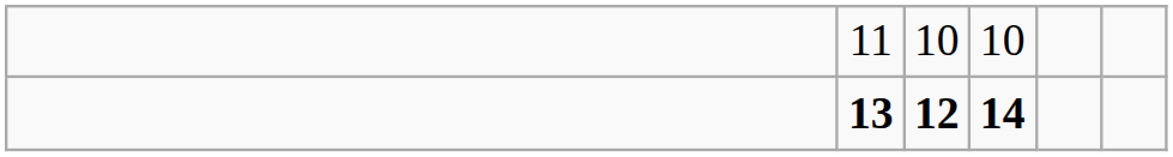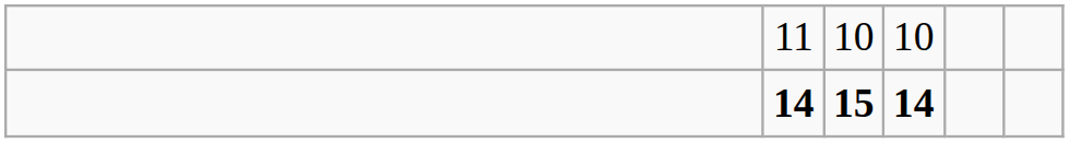 <table class="wikitable">
 <tr>
 <td style="width:18em"></td>
 <td align=center style="width:1em">11</td>
 <td align=center style="width:1em">10</td>
 <td align=center style="width:1em">10</td>
 <td align=center style="width:1em"></td>
 <td align=center style="width:1em"></td>
 </tr>
 <tr>
 <td style="width:18em"><strong></strong></td>
-<td align=center style="width:1em"><strong>13</strong></td>
-<td align=center style="width:1em"><strong>12</strong></td>
+<td align=center style="width:1em"><strong>14</strong></td>
+<td align=center style="width:1em"><strong>15</strong></td>
 <td align=center style="width:1em"><strong>14</strong></td>
 <td align=center style="width:1em"></td>
 <td align=center style="width:1em"></td>
 </tr>
 </table>
